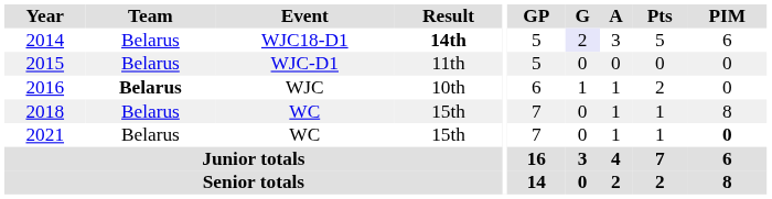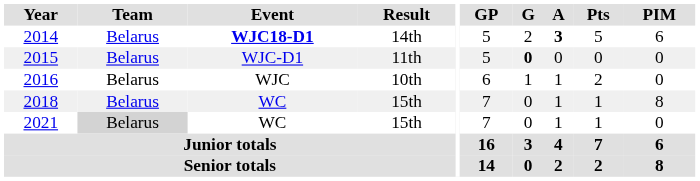 <table border="0" cellpadding="1" cellspacing="0" ID="Table3" style="text-align:center; width:40em">
 <tr bgcolor="#e0e0e0">
 <th>Year</th>
 <th>Team</th>
 <th>Event</th>
 <th>Result</th>
 <th rowspan="99" bgcolor="#ffffff"></th>
 <th>GP</th>
 <th>G</th>
 <th>A</th>
 <th>Pts</th>
 <th>PIM</th>
 </tr>
 <tr>
 <td><a href='#'>2014</a></td>
 <td><a href='#'>Belarus</a></td>
-<td><a href='#'>WJC18-D1</a></td>
-<td><strong>14th</strong></td>
+<td><strong><a href='#'>WJC18-D1</a></strong></td>
+<td>14th</td>
 <td>5</td>
-<td style="background: lavender;">2</td>
-<td>3</td>
+<td>2</td>
+<td><strong>3</strong></td>
 <td>5</td>
 <td>6</td>
 </tr>
 <tr bgcolor="#f0f0f0">
 <td><a href='#'>2015</a></td>
 <td><a href='#'>Belarus</a></td>
 <td><a href='#'>WJC-D1</a></td>
 <td>11th</td>
 <td>5</td>
-<td>0</td>
+<td><strong>0</strong></td>
 <td>0</td>
 <td>0</td>
 <td>0</td>
 </tr>
 <tr>
 <td><a href='#'>2016</a></td>
-<td><strong>Belarus</strong></td>
+<td>Belarus</td>
 <td>WJC</td>
 <td>10th</td>
 <td>6</td>
 <td>1</td>
 <td>1</td>
 <td>2</td>
 <td>0</td>
 </tr>
 <tr bgcolor="#f0f0f0">
 <td><a href='#'>2018</a></td>
 <td><a href='#'>Belarus</a></td>
 <td><a href='#'>WC</a></td>
 <td>15th</td>
 <td>7</td>
 <td>0</td>
 <td>1</td>
 <td>1</td>
 <td>8</td>
 </tr>
 <tr>
 <td><a href='#'>2021</a></td>
-<td>Belarus</td>
+<td style="background: lightgrey;">Belarus</td>
 <td>WC</td>
 <td>15th</td>
 <td>7</td>
 <td>0</td>
 <td>1</td>
 <td>1</td>
-<td><strong>0</strong></td>
+<td>0</td>
 </tr>
 <tr bgcolor="#e0e0e0">
 <th colspan="4">Junior totals</th>
 <th>16</th>
 <th>3</th>
 <th>4</th>
 <th>7</th>
 <th>6</th>
 </tr>
 <tr bgcolor="#e0e0e0">
 <th colspan="4">Senior totals</th>
 <th>14</th>
 <th>0</th>
 <th>2</th>
 <th>2</th>
 <th>8</th>
 </tr>
 </table>
